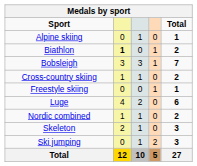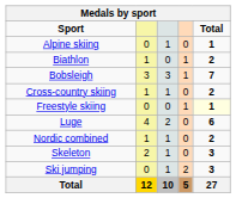 <table class="wikitable" style="font-size:85%; float:right; clear:right; min-width:308px">
 <tr style="background:#efefef;">
 <th colspan=5>Medals by sport</th>
 </tr>
 <tr align=center>
 <td><strong>Sport</strong></td>
 <td bgcolor=#f7f6a8></td>
 <td bgcolor=#dce5e5></td>
 <td bgcolor=#ffdab9></td>
 <td><strong>Total</strong></td>
 </tr>
 <tr align=center>
 <td><a href='#'>Alpine skiing</a></td>
 <td style="background:#F7F6A8;">0</td>
 <td style="background:#DCE5E5;">1</td>
 <td style="background:#FFDAB9;">0</td>
 <td><strong>1</strong></td>
 </tr>
 <tr align=center>
 <td><a href='#'>Biathlon</a></td>
-<td style="background:#F7F6A8;"><strong>1</strong></td>
+<td style="background:#F7F6A8;">1</td>
 <td style="background:#DCE5E5;">0</td>
 <td style="background:#FFDAB9;">1</td>
 <td><strong>2</strong></td>
 </tr>
 <tr align=center>
 <td><a href='#'>Bobsleigh</a></td>
 <td style="background:#F7F6A8;">3</td>
 <td style="background:#DCE5E5;">3</td>
 <td style="background:#FFDAB9;">1</td>
 <td><strong>7</strong></td>
 </tr>
 <tr align=center>
 <td><a href='#'>Cross-country skiing</a></td>
 <td style="background:#F7F6A8;">1</td>
 <td style="background:#DCE5E5;">1</td>
 <td style="background:#FFDAB9;">0</td>
 <td><strong>2</strong></td>
 </tr>
 <tr align=center>
 <td><a href='#'>Freestyle skiing</a></td>
 <td style="background:#F7F6A8;">0</td>
 <td style="background:#DCE5E5;">0</td>
 <td style="background:#FFDAB9;">1</td>
-<td><strong>1</strong></td>
+<td style="background: lightyellow;"><strong>1</strong></td>
 </tr>
 <tr align=center>
 <td><a href='#'>Luge</a></td>
 <td style="background:#F7F6A8;">4</td>
 <td style="background:#DCE5E5;">2</td>
 <td style="background:#FFDAB9;">0</td>
 <td><strong>6</strong></td>
 </tr>
 <tr align=center>
 <td><a href='#'>Nordic combined</a></td>
 <td style="background:#F7F6A8;">1</td>
 <td style="background:#DCE5E5;">1</td>
 <td style="background:#FFDAB9;">0</td>
 <td><strong>2</strong></td>
 </tr>
 <tr align=center>
 <td><a href='#'>Skeleton</a></td>
 <td style="background:#F7F6A8;">2</td>
 <td style="background:#DCE5E5;">1</td>
 <td style="background:#FFDAB9;">0</td>
 <td><strong>3</strong></td>
 </tr>
 <tr align=center>
 <td><a href='#'>Ski jumping</a></td>
 <td style="background:#F7F6A8;">0</td>
 <td style="background:#DCE5E5;">1</td>
 <td style="background:#FFDAB9;">2</td>
 <td><strong>3</strong></td>
 </tr>
 <tr align=center>
 <th>Total</th>
 <th style="background:gold;">12</th>
 <th style="background:silver;">10</th>
 <th style="background:#c96;">5</th>
 <th>27</th>
 </tr>
 </table>
